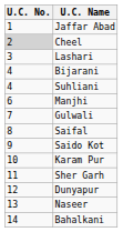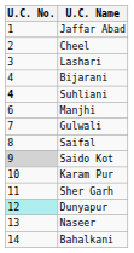 <table class="wikitable sortable">
 <tr>
 <th>U.C. No.</th>
 <th>U.C. Name</th>
 </tr>
 <tr>
 <td>1</td>
 <td>Jaffar Abad</td>
 </tr>
 <tr>
-<td style="background: lightgrey;">2</td>
+<td>2</td>
 <td>Cheel</td>
 </tr>
 <tr>
 <td>3</td>
 <td>Lashari</td>
 </tr>
 <tr>
 <td>4</td>
 <td>Bijarani</td>
 </tr>
 <tr>
-<td>4</td>
+<td><strong>4</strong></td>
 <td>Suhliani</td>
 </tr>
 <tr>
 <td>6</td>
 <td>Manjhi</td>
 </tr>
 <tr>
 <td>7</td>
 <td>Gulwali</td>
 </tr>
 <tr>
 <td>8</td>
 <td>Saifal</td>
 </tr>
 <tr>
-<td>9</td>
+<td style="background: lightgrey;">9</td>
 <td>Saido Kot</td>
 </tr>
 <tr>
 <td>10</td>
 <td>Karam Pur</td>
 </tr>
 <tr>
 <td>11</td>
 <td>Sher Garh</td>
 </tr>
 <tr>
-<td>12</td>
+<td style="background: paleturquoise;">12</td>
 <td>Dunyapur</td>
 </tr>
 <tr>
 <td>13</td>
 <td>Naseer</td>
 </tr>
 <tr>
 <td>14</td>
 <td>Bahalkani</td>
 </tr>
 </table>
